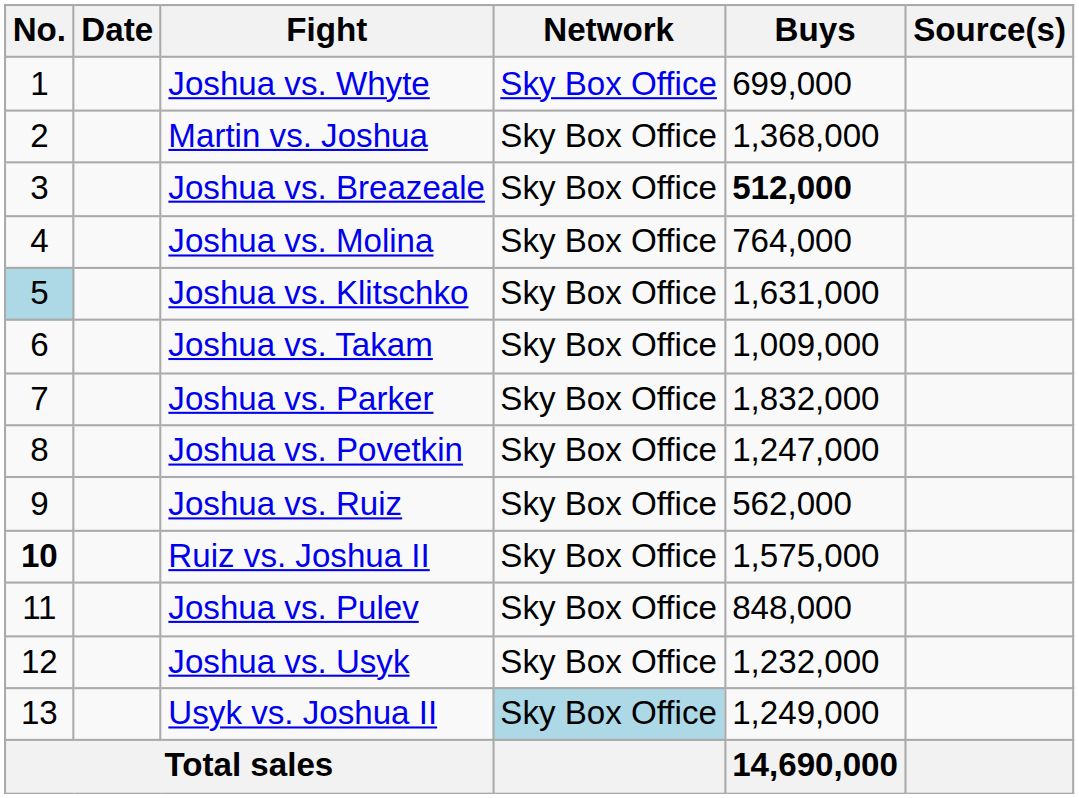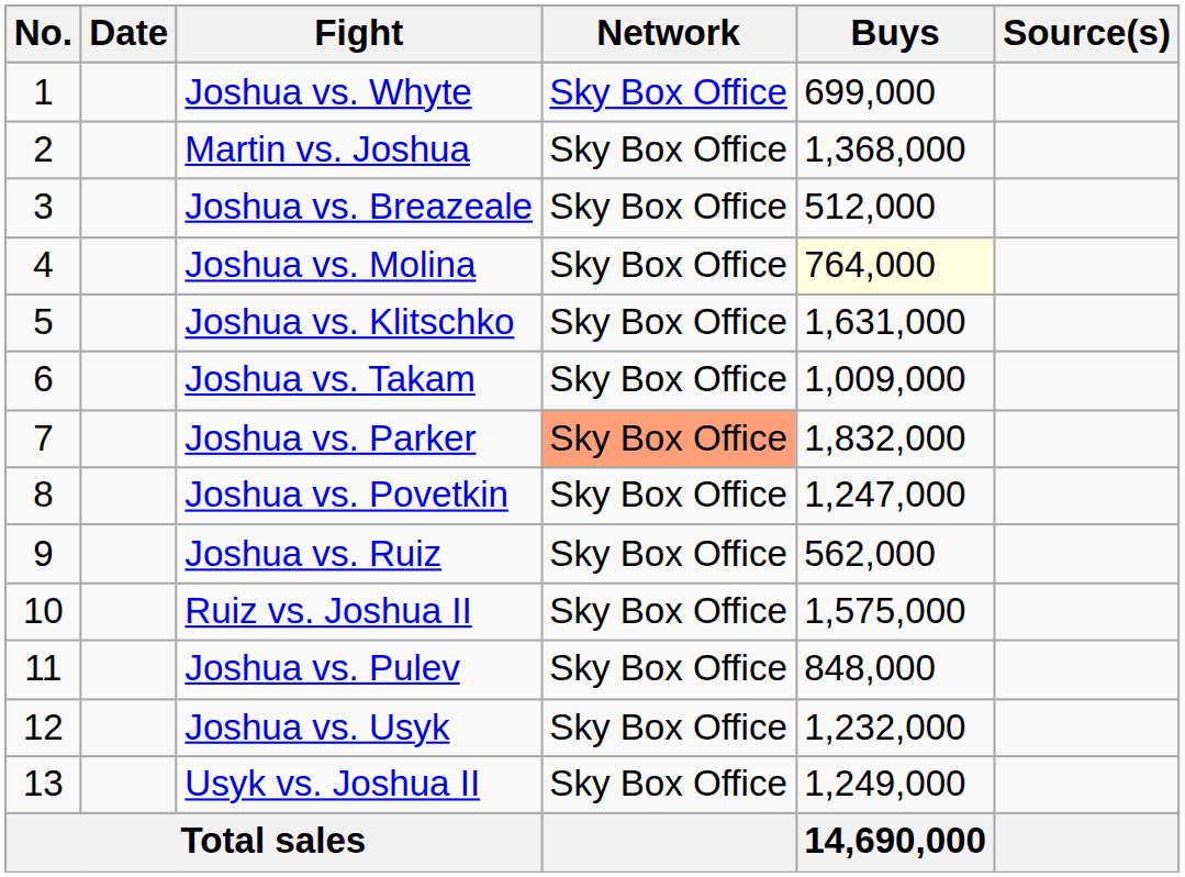 <table class="wikitable sortable">
 <tr>
 <th>No.</th>
 <th>Date</th>
 <th>Fight</th>
 <th>Network</th>
 <th>Buys</th>
 <th class="unsortable">Source(s)</th>
 </tr>
 <tr>
 <td align=center>1</td>
 <td></td>
 <td><a href='#'>Joshua vs. Whyte</a></td>
 <td><a href='#'>Sky Box Office</a></td>
 <td>699,000</td>
 <td></td>
 </tr>
 <tr>
 <td align=center>2</td>
 <td></td>
 <td><a href='#'>Martin vs. Joshua</a></td>
 <td>Sky Box Office</td>
 <td>1,368,000</td>
 <td></td>
 </tr>
 <tr>
 <td align=center>3</td>
 <td></td>
 <td><a href='#'>Joshua vs. Breazeale</a></td>
 <td>Sky Box Office</td>
-<td><strong>512,000</strong></td>
+<td>512,000</td>
 <td></td>
 </tr>
 <tr>
 <td align=center>4</td>
 <td></td>
 <td><a href='#'>Joshua vs. Molina</a></td>
 <td>Sky Box Office</td>
-<td>764,000</td>
+<td style="background: lightyellow;">764,000</td>
 <td></td>
 </tr>
 <tr>
-<td align=center style="background: lightblue;">5</td>
+<td align=center>5</td>
 <td></td>
 <td><a href='#'>Joshua vs. Klitschko</a></td>
 <td>Sky Box Office</td>
 <td>1,631,000</td>
 <td></td>
 </tr>
 <tr>
 <td align=center>6</td>
 <td></td>
 <td><a href='#'>Joshua vs. Takam</a></td>
 <td>Sky Box Office</td>
 <td>1,009,000</td>
 <td></td>
 </tr>
 <tr>
 <td align=center>7</td>
 <td></td>
 <td><a href='#'>Joshua vs. Parker</a></td>
-<td>Sky Box Office</td>
+<td style="background: lightsalmon;">Sky Box Office</td>
 <td>1,832,000</td>
 <td></td>
 </tr>
 <tr>
 <td align=center>8</td>
 <td></td>
 <td><a href='#'>Joshua vs. Povetkin</a></td>
 <td>Sky Box Office</td>
 <td>1,247,000</td>
 <td></td>
 </tr>
 <tr>
 <td align=center>9</td>
 <td></td>
 <td><a href='#'>Joshua vs. Ruiz</a></td>
 <td>Sky Box Office</td>
 <td>562,000</td>
 <td></td>
 </tr>
 <tr>
-<td align=center><strong>10</strong></td>
+<td align=center>10</td>
 <td></td>
 <td><a href='#'>Ruiz vs. Joshua II</a></td>
 <td>Sky Box Office</td>
 <td>1,575,000</td>
 <td></td>
 </tr>
 <tr>
 <td align=center>11</td>
 <td></td>
 <td><a href='#'>Joshua vs. Pulev</a></td>
 <td>Sky Box Office</td>
 <td>848,000</td>
 <td></td>
 </tr>
 <tr>
 <td align=center>12</td>
 <td></td>
 <td><a href='#'>Joshua vs. Usyk</a></td>
 <td>Sky Box Office</td>
 <td>1,232,000</td>
 <td></td>
 </tr>
 <tr>
 <td align=center>13</td>
 <td></td>
 <td><a href='#'>Usyk vs. Joshua II</a></td>
-<td style="background: lightblue;">Sky Box Office</td>
+<td>Sky Box Office</td>
 <td>1,249,000</td>
 <td></td>
 </tr>
 <tr>
 <th colspan="3">Total sales</th>
 <th></th>
 <th>14,690,000</th>
 <th></th>
 </tr>
 </table>
